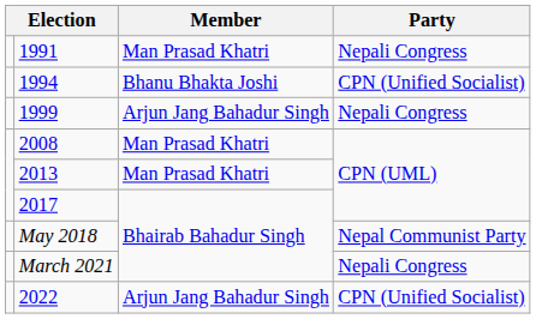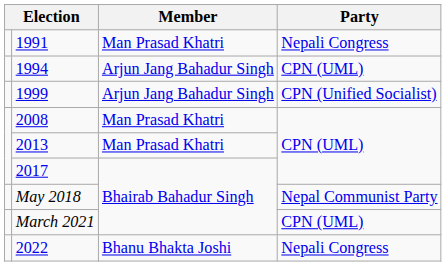 <table class="wikitable">
 <tr>
 <th colspan="2">Election</th>
 <th>Member</th>
 <th>Party</th>
 </tr>
 <tr>
 <td style="color:inherit;background:"></td>
 <td><a href='#'>1991</a></td>
 <td><a href='#'>Man Prasad Khatri</a></td>
 <td><a href='#'>Nepali Congress</a></td>
 </tr>
 <tr>
 <td style="color:inherit;background:"></td>
 <td><a href='#'>1994</a></td>
-<td><a href='#'>Bhanu Bhakta Joshi</a></td>
-<td><a href='#'>CPN (Unified Socialist)</a></td>
+<td><a href='#'>Arjun Jang Bahadur Singh</a></td>
+<td><a href='#'>CPN (UML)</a></td>
 </tr>
 <tr>
 <td style="color:inherit;background:"></td>
 <td><a href='#'>1999</a></td>
 <td><a href='#'>Arjun Jang Bahadur Singh</a></td>
-<td><a href='#'>Nepali Congress</a></td>
+<td><a href='#'>CPN (Unified Socialist)</a></td>
 </tr>
 <tr>
 <td rowspan="3" style="color:inherit;background:"></td>
 <td><a href='#'>2008</a></td>
 <td><a href='#'>Man Prasad Khatri</a></td>
 <td rowspan="3"><a href='#'>CPN (UML)</a></td>
 </tr>
 <tr>
 <td><a href='#'>2013</a></td>
 <td><a href='#'>Man Prasad Khatri</a></td>
 </tr>
 <tr>
 <td><a href='#'>2017</a></td>
 <td rowspan="3"><a href='#'>Bhairab Bahadur Singh</a></td>
 </tr>
 <tr>
 <td style="color:inherit;background:"></td>
 <td><em>May 2018</em></td>
 <td><a href='#'>Nepal Communist Party</a></td>
 </tr>
 <tr>
 <td style="color:inherit;background:"></td>
 <td><em>March 2021</em></td>
-<td><a href='#'>Nepali Congress</a></td>
+<td><a href='#'>CPN (UML)</a></td>
 </tr>
 <tr>
 <td style="color:inherit;background:"></td>
 <td><a href='#'>2022</a></td>
-<td><a href='#'>Arjun Jang Bahadur Singh</a></td>
-<td><a href='#'>CPN (Unified Socialist)</a></td>
+<td><a href='#'>Bhanu Bhakta Joshi</a></td>
+<td><a href='#'>Nepali Congress</a></td>
 </tr>
 </table>
